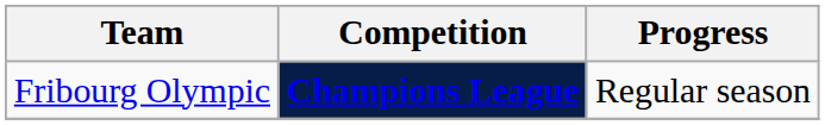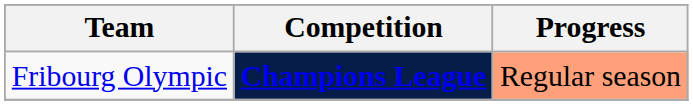 <table class="wikitable sortable">
 <tr>
 <th>Team</th>
 <th>Competition</th>
 <th>Progress</th>
 </tr>
 <tr>
 <td><a href='#'>Fribourg Olympic</a></td>
 <td rowspan="1" style="background-color:#071D49;color:#D0D3D4;text-align:center"><strong><a href='#'><span>Champions League</span></a></strong></td>
-<td>Regular season</td>
+<td style="background: lightsalmon;">Regular season</td>
 </tr>
 <tr>
 </tr>
 </table>
